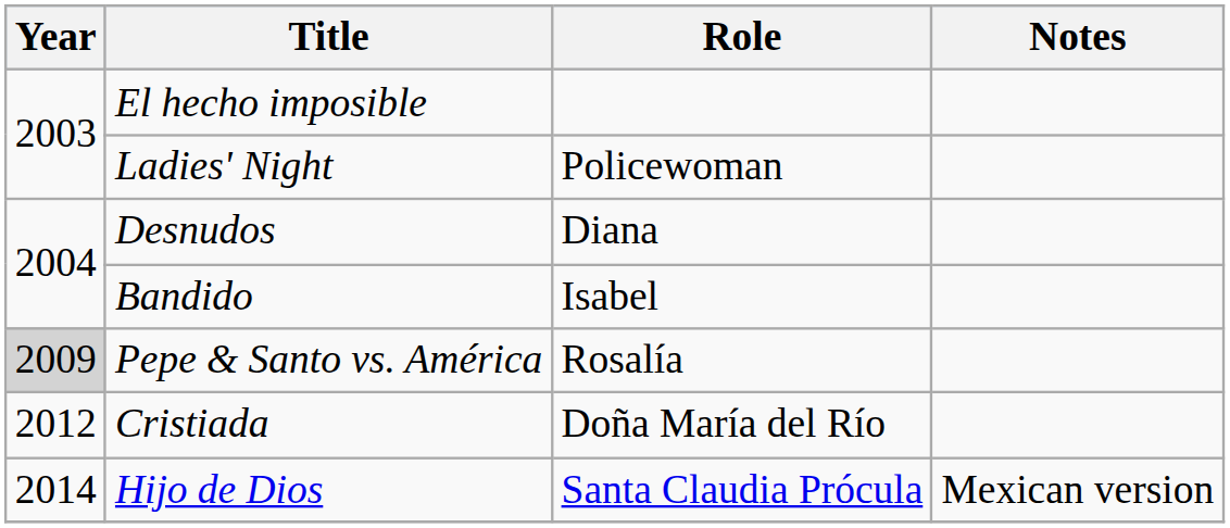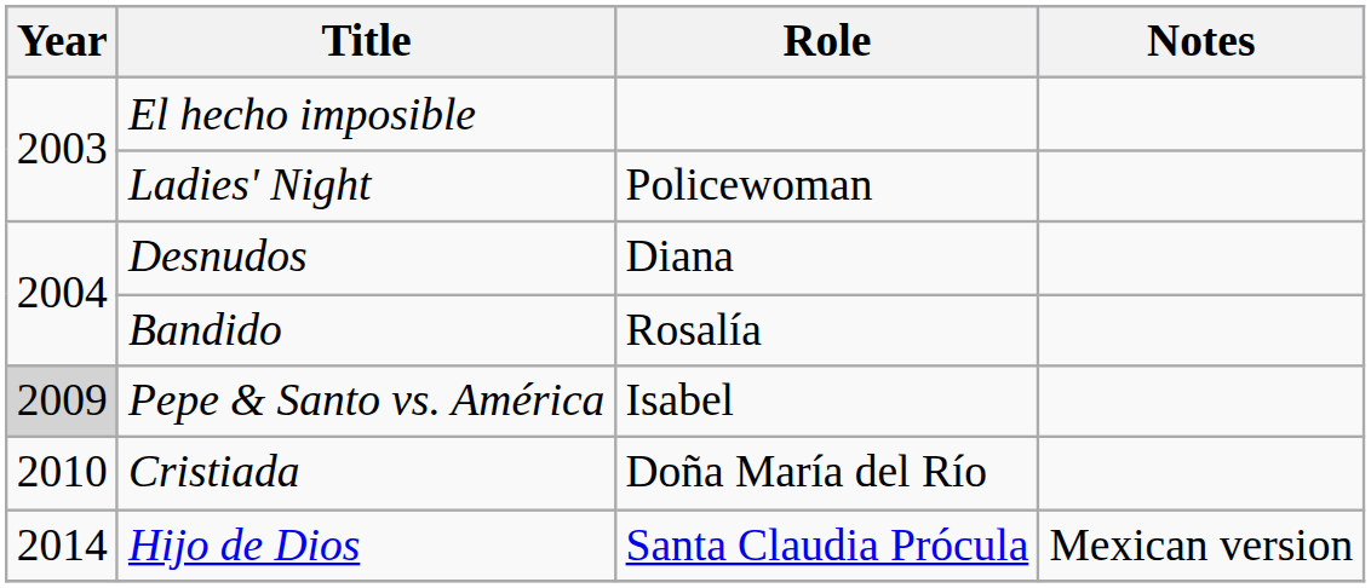 <table class="wikitable">
 <tr style="background:#b0c4de;">
 <th>Year</th>
 <th>Title</th>
 <th>Role</th>
 <th>Notes</th>
 </tr>
 <tr>
 <td rowspan=2>2003</td>
 <td><em>El hecho imposible</em></td>
 <td></td>
 <td></td>
 </tr>
 <tr>
 <td><em>Ladies' Night</em></td>
 <td>Policewoman</td>
 <td></td>
 </tr>
 <tr>
 <td rowspan=2>2004</td>
 <td><em>Desnudos </em></td>
 <td>Diana</td>
 <td></td>
 </tr>
 <tr>
 <td><em>Bandido </em></td>
-<td>Isabel</td>
+<td>Rosalía</td>
 <td></td>
 </tr>
 <tr>
 <td style="background: lightgrey;">2009</td>
 <td><em>Pepe & Santo vs. América</em></td>
-<td>Rosalía</td>
+<td>Isabel</td>
 <td></td>
 </tr>
 <tr>
-<td>2012</td>
+<td>2010</td>
 <td><em>Cristiada </em></td>
 <td>Doña María del Río</td>
 <td></td>
 </tr>
 <tr>
 <td>2014</td>
 <td><em><a href='#'>Hijo de Dios</a></em></td>
 <td><a href='#'>Santa Claudia Prócula</a></td>
 <td>Mexican version</td>
 </tr>
 <tr>
 </tr>
 </table>
